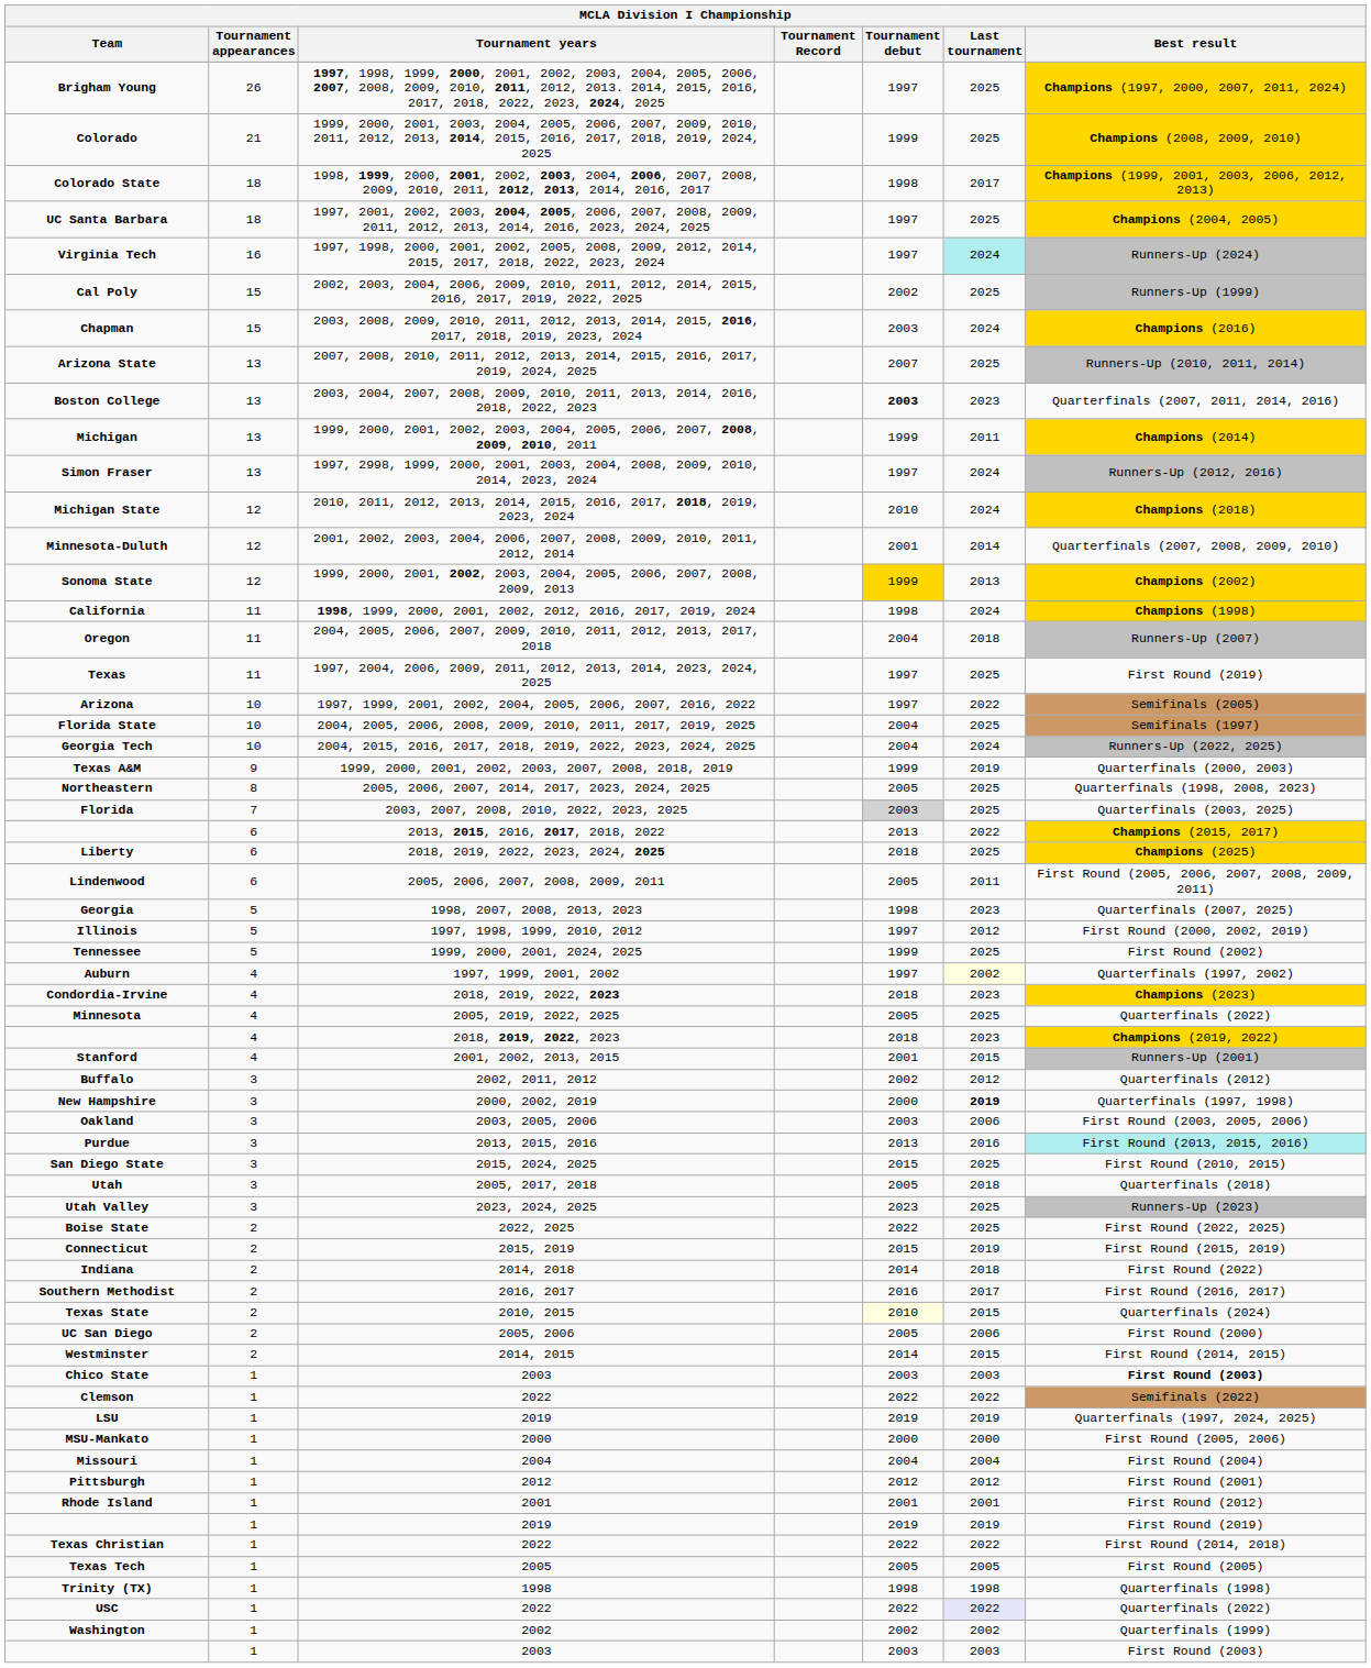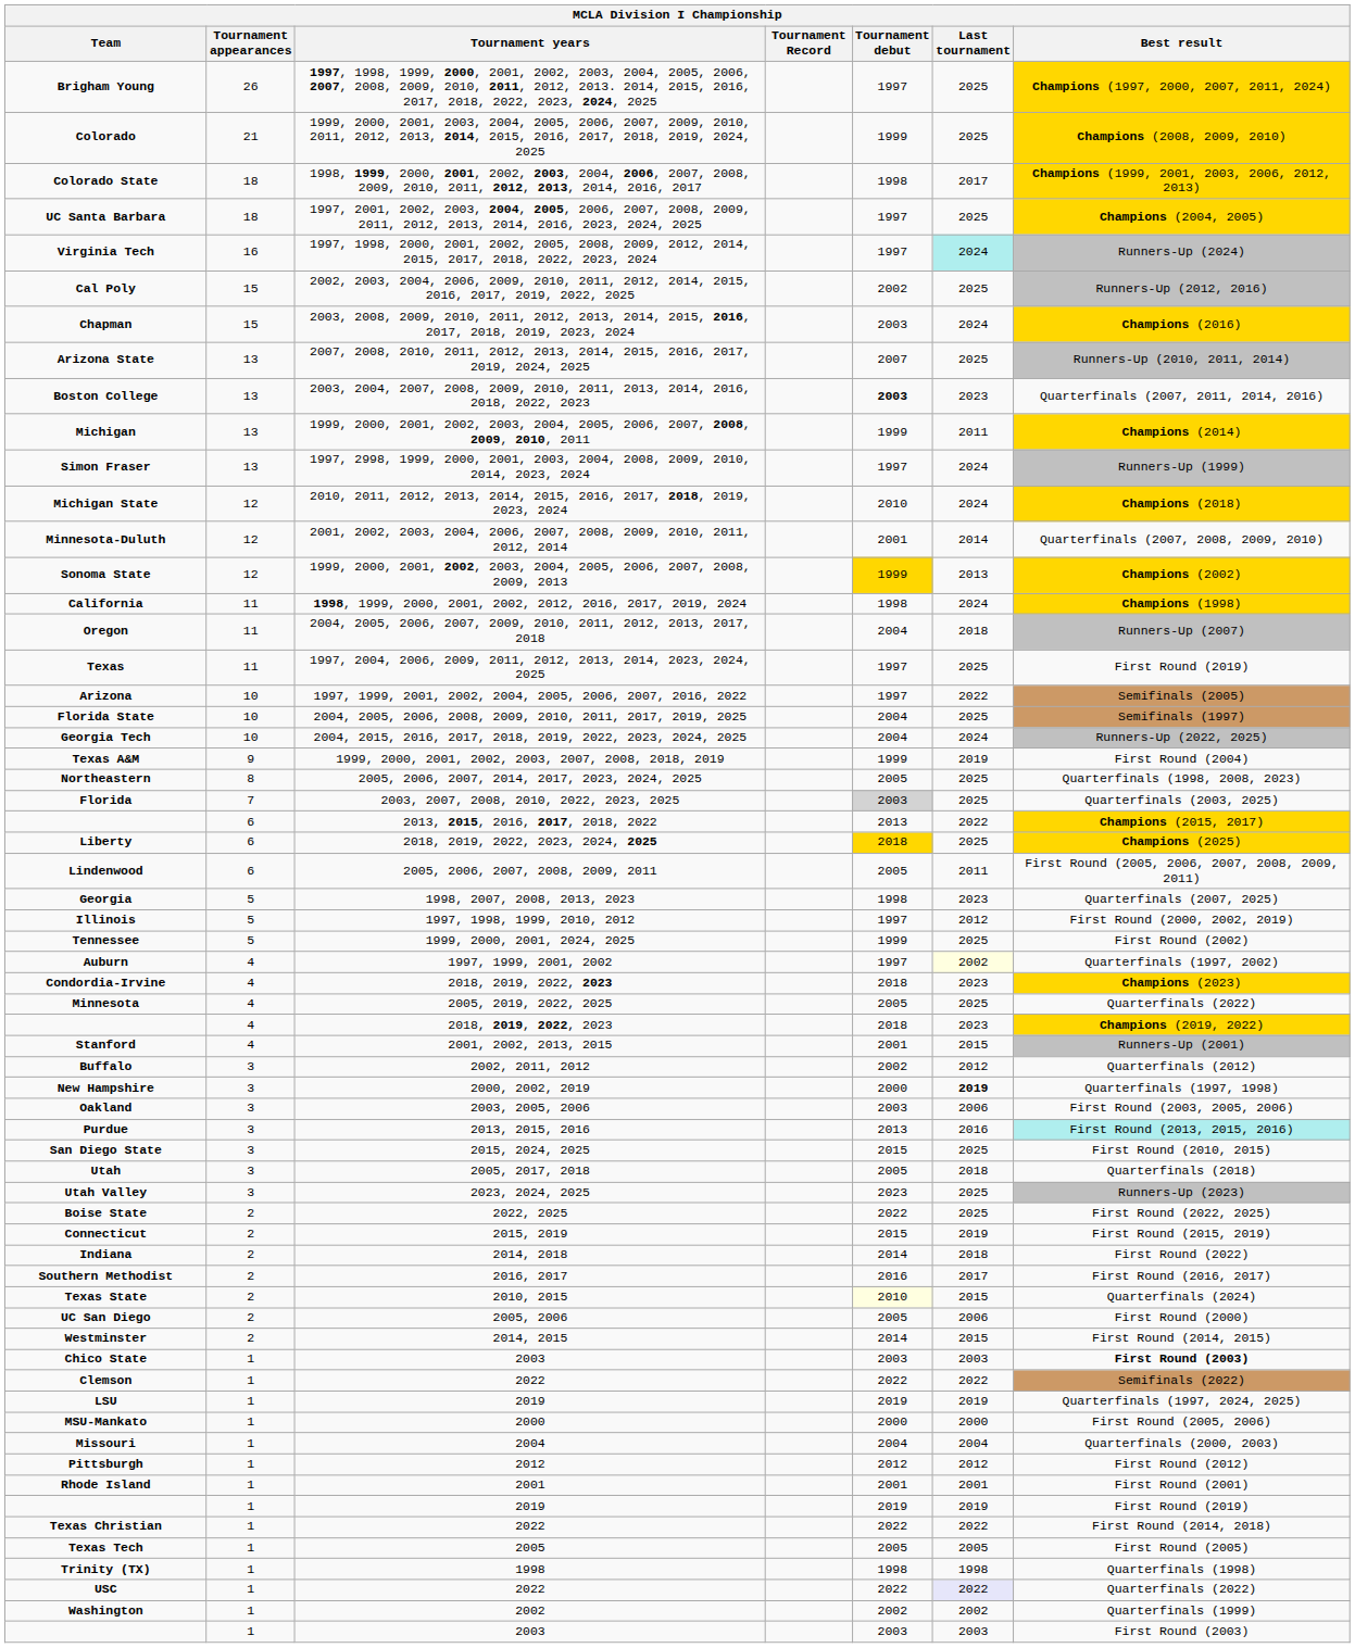 <table class="wikitable sortable" style="font-size:90%; width: 100%; text-align: center;">
 <tr>
 <th colspan="8">MCLA Division I Championship</th>
 </tr>
 <tr>
 <th width="15%">Team</th>
 <th width="5%">Tournament appearances</th>
 <th width="35%">Tournament years</th>
 <th>Tournament Record</th>
 <th width="5%">Tournament debut</th>
 <th width="5%">Last tournament</th>
 <th width="25%">Best result</th>
 </tr>
 <tr>
 <td style=><strong>Brigham Young</strong></td>
 <td>26</td>
 <td><strong>1997</strong>, 1998, 1999, <strong>2000</strong>, 2001, 2002, 2003, 2004, 2005, 2006, <strong>2007</strong>, 2008, 2009, 2010, <strong>2011</strong>, 2012, 2013. 2014, 2015, 2016, 2017, 2018, 2022, 2023, <strong>2024</strong>, 2025</td>
 <td></td>
 <td>1997</td>
 <td>2025</td>
 <td style="background:gold;"><strong>Champions</strong> (1997, 2000, 2007, 2011, 2024)</td>
 </tr>
 <tr>
 <td><strong>Colorado</strong></td>
 <td>21</td>
 <td>1999, 2000, 2001, 2003, 2004, 2005, 2006, 2007, 2009, 2010, 2011, 2012, 2013, <strong>2014</strong>, 2015, 2016, 2017, 2018, 2019, 2024, 2025</td>
 <td></td>
 <td>1999</td>
 <td>2025</td>
 <td style="background:gold;"><strong>Champions</strong> (2008, 2009, 2010)</td>
 </tr>
 <tr>
 <td style=><strong>Colorado State</strong></td>
 <td>18</td>
 <td>1998, <strong>1999</strong>, 2000, <strong>2001</strong>, 2002, <strong>2003</strong>, 2004, <strong>2006</strong>, 2007, 2008, 2009, 2010, 2011, <strong>2012</strong>, <strong>2013</strong>, 2014, 2016, 2017</td>
 <td></td>
 <td>1998</td>
 <td>2017</td>
 <td style="background:gold;"><strong>Champions</strong> (1999, 2001, 2003, 2006, 2012, 2013)</td>
 </tr>
 <tr>
 <td><strong>UC Santa Barbara</strong></td>
 <td>18</td>
 <td>1997, 2001, 2002, 2003, <strong>2004</strong>, <strong>2005</strong>, 2006, 2007, 2008, 2009, 2011, 2012, 2013, 2014, 2016, 2023, 2024, 2025</td>
 <td></td>
 <td>1997</td>
 <td>2025</td>
 <td style="background:gold;"><strong>Champions</strong> (2004, 2005)</td>
 </tr>
 <tr>
 <td><strong>Virginia Tech</strong></td>
 <td>16</td>
 <td>1997, 1998, 2000, 2001, 2002, 2005, 2008, 2009, 2012, 2014, 2015, 2017, 2018, 2022, 2023, 2024</td>
 <td></td>
 <td>1997</td>
 <td style="background: paleturquoise;">2024</td>
 <td style="background:silver;">Runners-Up (2024)</td>
 </tr>
 <tr>
 <td style=><strong>Cal Poly</strong></td>
 <td>15</td>
 <td>2002, 2003, 2004, 2006, 2009, 2010, 2011, 2012, 2014, 2015, 2016, 2017, 2019, 2022, 2025</td>
 <td></td>
 <td>2002</td>
 <td>2025</td>
-<td style="background:silver;">Runners-Up (1999)</td>
+<td style="background:silver;">Runners-Up (2012, 2016)</td>
 </tr>
 <tr>
 <td><strong>Chapman</strong></td>
 <td>15</td>
 <td>2003, 2008, 2009, 2010, 2011, 2012, 2013, 2014, 2015, <strong>2016</strong>, 2017, 2018, 2019, 2023, 2024</td>
 <td></td>
 <td>2003</td>
 <td>2024</td>
 <td style="background:gold;"><strong>Champions</strong> (2016)</td>
 </tr>
 <tr>
 <td><strong>Arizona State</strong></td>
 <td>13</td>
 <td>2007, 2008, 2010, 2011, 2012, 2013, 2014, 2015, 2016, 2017, 2019, 2024, 2025</td>
 <td></td>
 <td>2007</td>
 <td>2025</td>
 <td style="background:silver;">Runners-Up (2010, 2011, 2014)</td>
 </tr>
 <tr>
 <td style=><strong>Boston College</strong></td>
 <td>13</td>
 <td>2003, 2004, 2007, 2008, 2009, 2010, 2011, 2013, 2014, 2016, 2018, 2022, 2023</td>
 <td></td>
 <td><strong>2003</strong></td>
 <td>2023</td>
 <td>Quarterfinals (2007, 2011, 2014, 2016)</td>
 </tr>
 <tr>
 <td style=><strong>Michigan</strong></td>
 <td>13</td>
 <td>1999, 2000, 2001, 2002, 2003, 2004, 2005, 2006, 2007, <strong>2008</strong>, <strong>2009</strong>, <strong>2010</strong>, 2011</td>
 <td></td>
 <td>1999</td>
 <td>2011</td>
 <td style="background:gold;"><strong>Champions</strong> (2014)</td>
 </tr>
 <tr>
 <td><strong>Simon Fraser</strong></td>
 <td>13</td>
 <td>1997, 2998, 1999, 2000, 2001, 2003, 2004, 2008, 2009, 2010, 2014, 2023, 2024</td>
 <td></td>
 <td>1997</td>
 <td>2024</td>
-<td style="background:silver;">Runners-Up (2012, 2016)</td>
+<td style="background:silver;">Runners-Up (1999)</td>
 </tr>
 <tr>
 <td><strong>Michigan State</strong></td>
 <td>12</td>
 <td>2010, 2011, 2012, 2013, 2014, 2015, 2016, 2017, <strong>2018</strong>, 2019, 2023, 2024</td>
 <td></td>
 <td>2010</td>
 <td>2024</td>
 <td style="background:gold;"><strong>Champions</strong> (2018)</td>
 </tr>
 <tr>
 <td style=><strong>Minnesota-Duluth</strong></td>
 <td>12</td>
 <td>2001, 2002, 2003, 2004, 2006, 2007, 2008, 2009, 2010, 2011, 2012, 2014</td>
 <td></td>
 <td>2001</td>
 <td>2014</td>
 <td>Quarterfinals (2007, 2008, 2009, 2010)</td>
 </tr>
 <tr>
 <td style=><strong>Sonoma State</strong></td>
 <td>12</td>
 <td>1999, 2000, 2001, <strong>2002</strong>, 2003, 2004, 2005, 2006, 2007, 2008, 2009, 2013</td>
 <td></td>
 <td style="background: gold;">1999</td>
 <td>2013</td>
 <td style="background:gold;"><strong>Champions</strong> (2002)</td>
 </tr>
 <tr>
 <td><strong>California</strong></td>
 <td>11</td>
 <td><strong>1998</strong>, 1999, 2000, 2001, 2002, 2012, 2016, 2017, 2019, 2024</td>
 <td></td>
 <td>1998</td>
 <td>2024</td>
 <td style="background:gold;"><strong>Champions</strong> (1998)</td>
 </tr>
 <tr>
 <td style=><strong>Oregon</strong></td>
 <td>11</td>
 <td>2004, 2005, 2006, 2007, 2009, 2010, 2011, 2012, 2013, 2017, 2018</td>
 <td></td>
 <td>2004</td>
 <td>2018</td>
 <td style="background:silver;">Runners-Up (2007)</td>
 </tr>
 <tr>
 <td><strong>Texas</strong></td>
 <td>11</td>
 <td>1997, 2004, 2006, 2009, 2011, 2012, 2013, 2014, 2023, 2024, 2025</td>
 <td></td>
 <td>1997</td>
 <td>2025</td>
 <td>First Round (2019)</td>
 </tr>
 <tr>
 <td style=><strong>Arizona</strong></td>
 <td>10</td>
 <td>1997, 1999, 2001, 2002, 2004, 2005, 2006, 2007, 2016, 2022</td>
 <td></td>
 <td>1997</td>
 <td>2022</td>
 <td style="background:#c96;">Semifinals (2005)</td>
 </tr>
 <tr>
 <td style=><strong>Florida State</strong></td>
 <td>10</td>
 <td>2004, 2005, 2006, 2008, 2009, 2010, 2011, 2017, 2019, 2025</td>
 <td></td>
 <td>2004</td>
 <td>2025</td>
 <td style="background:#c96;">Semifinals (1997)</td>
 </tr>
 <tr>
 <td><strong>Georgia Tech</strong></td>
 <td>10</td>
 <td>2004, 2015, 2016, 2017, 2018, 2019, 2022, 2023, 2024, 2025</td>
 <td></td>
 <td>2004</td>
 <td>2024</td>
 <td style="background:silver;">Runners-Up (2022, 2025)</td>
 </tr>
 <tr>
 <td style=><strong>Texas A&M</strong></td>
 <td>9</td>
 <td>1999, 2000, 2001, 2002, 2003, 2007, 2008, 2018, 2019</td>
 <td></td>
 <td>1999</td>
 <td>2019</td>
-<td>Quarterfinals (2000, 2003)</td>
+<td>First Round (2004)</td>
 </tr>
 <tr>
 <td><strong>Northeastern</strong></td>
 <td>8</td>
 <td>2005, 2006, 2007, 2014, 2017, 2023, 2024, 2025</td>
 <td></td>
 <td>2005</td>
 <td>2025</td>
 <td>Quarterfinals (1998, 2008, 2023)</td>
 </tr>
 <tr>
 <td style=><strong>Florida</strong></td>
 <td>7</td>
 <td>2003, 2007, 2008, 2010, 2022, 2023, 2025</td>
 <td></td>
 <td style="background: lightgrey;">2003</td>
 <td>2025</td>
 <td>Quarterfinals (2003, 2025)</td>
 </tr>
 <tr>
 <td style=><strong></strong></td>
 <td>6</td>
 <td>2013, <strong>2015</strong>, 2016, <strong>2017</strong>, 2018, 2022</td>
 <td></td>
 <td>2013</td>
 <td>2022</td>
 <td style="background:gold;"><strong>Champions</strong> (2015, 2017)</td>
 </tr>
 <tr>
 <td><strong>Liberty</strong></td>
 <td>6</td>
 <td>2018, 2019, 2022, 2023, 2024, <strong>2025</strong></td>
 <td></td>
-<td>2018</td>
+<td style="background: gold;">2018</td>
 <td>2025</td>
 <td style="background:gold;"><strong>Champions</strong> (2025)</td>
 </tr>
 <tr>
 <td style=><strong>Lindenwood</strong></td>
 <td>6</td>
 <td>2005, 2006, 2007, 2008, 2009, 2011</td>
 <td></td>
 <td>2005</td>
 <td>2011</td>
 <td>First Round (2005, 2006, 2007, 2008, 2009, 2011)</td>
 </tr>
 <tr>
 <td style=><strong>Georgia</strong></td>
 <td>5</td>
 <td>1998, 2007, 2008, 2013, 2023</td>
 <td></td>
 <td>1998</td>
 <td>2023</td>
 <td>Quarterfinals (2007, 2025)</td>
 </tr>
 <tr>
 <td style=><strong>Illinois</strong></td>
 <td>5</td>
 <td>1997, 1998, 1999, 2010, 2012</td>
 <td></td>
 <td>1997</td>
 <td>2012</td>
 <td>First Round (2000, 2002, 2019)</td>
 </tr>
 <tr>
 <td><strong>Tennessee</strong></td>
 <td>5</td>
 <td>1999, 2000, 2001, 2024, 2025</td>
 <td></td>
 <td>1999</td>
 <td>2025</td>
 <td>First Round (2002)</td>
 </tr>
 <tr>
 <td style=><strong>Auburn</strong></td>
 <td>4</td>
 <td>1997, 1999, 2001, 2002</td>
 <td></td>
 <td>1997</td>
 <td style="background: lightyellow;">2002</td>
 <td>Quarterfinals (1997, 2002)</td>
 </tr>
 <tr>
 <td style=><strong>Condordia-Irvine</strong></td>
 <td>4</td>
 <td>2018, 2019, 2022, <strong>2023</strong></td>
 <td></td>
 <td>2018</td>
 <td>2023</td>
 <td style="background:gold;"><strong>Champions</strong> (2023)</td>
 </tr>
 <tr>
 <td style=><strong>Minnesota</strong></td>
 <td>4</td>
 <td>2005, 2019, 2022, 2025</td>
 <td></td>
 <td>2005</td>
 <td>2025</td>
 <td>Quarterfinals (2022)</td>
 </tr>
 <tr>
 <td style=><strong></strong></td>
 <td>4</td>
 <td>2018, <strong>2019</strong>, <strong>2022</strong>, 2023</td>
 <td></td>
 <td>2018</td>
 <td>2023</td>
 <td style="background:gold;"><strong>Champions</strong> (2019, 2022)</td>
 </tr>
 <tr>
 <td style=><strong>Stanford</strong></td>
 <td>4</td>
 <td>2001, 2002, 2013, 2015</td>
 <td></td>
 <td>2001</td>
 <td>2015</td>
 <td style="background:silver;">Runners-Up (2001)</td>
 </tr>
 <tr>
 <td style=><strong>Buffalo</strong></td>
 <td>3</td>
 <td>2002, 2011, 2012</td>
 <td></td>
 <td>2002</td>
 <td>2012</td>
 <td>Quarterfinals (2012)</td>
 </tr>
 <tr>
 <td style=><strong>New Hampshire</strong></td>
 <td>3</td>
 <td>2000, 2002, 2019</td>
 <td></td>
 <td>2000</td>
 <td><strong>2019</strong></td>
 <td>Quarterfinals (1997, 1998)</td>
 </tr>
 <tr>
 <td style=><strong>Oakland</strong></td>
 <td>3</td>
 <td>2003, 2005, 2006</td>
 <td></td>
 <td>2003</td>
 <td>2006</td>
 <td>First Round (2003, 2005, 2006)</td>
 </tr>
 <tr>
 <td style=><strong>Purdue</strong></td>
 <td>3</td>
 <td>2013, 2015, 2016</td>
 <td></td>
 <td>2013</td>
 <td>2016</td>
 <td style="background: paleturquoise;">First Round (2013, 2015, 2016)</td>
 </tr>
 <tr>
 <td><strong>San Diego State</strong></td>
 <td>3</td>
 <td>2015, 2024, 2025</td>
 <td></td>
 <td>2015</td>
 <td>2025</td>
 <td>First Round (2010, 2015)</td>
 </tr>
 <tr>
 <td style=><strong>Utah</strong></td>
 <td>3</td>
 <td>2005, 2017, 2018</td>
 <td></td>
 <td>2005</td>
 <td>2018</td>
 <td>Quarterfinals (2018)</td>
 </tr>
 <tr>
 <td><strong>Utah Valley</strong></td>
 <td>3</td>
 <td>2023, 2024, 2025</td>
 <td></td>
 <td>2023</td>
 <td>2025</td>
 <td style="background:silver;">Runners-Up (2023)</td>
 </tr>
 <tr>
 <td style=><strong>Boise State</strong></td>
 <td>2</td>
 <td>2022, 2025</td>
 <td></td>
 <td>2022</td>
 <td>2025</td>
 <td>First Round (2022, 2025)</td>
 </tr>
 <tr>
 <td style=><strong>Connecticut</strong></td>
 <td>2</td>
 <td>2015, 2019</td>
 <td></td>
 <td>2015</td>
 <td>2019</td>
 <td>First Round (2015, 2019)</td>
 </tr>
 <tr>
 <td style=><strong>Indiana</strong></td>
 <td>2</td>
 <td>2014, 2018</td>
 <td></td>
 <td>2014</td>
 <td>2018</td>
 <td>First Round (2022)</td>
 </tr>
 <tr>
 <td style=><strong>Southern Methodist</strong></td>
 <td>2</td>
 <td>2016, 2017</td>
 <td></td>
 <td>2016</td>
 <td>2017</td>
 <td>First Round (2016, 2017)</td>
 </tr>
 <tr>
 <td style=><strong>Texas State</strong></td>
 <td>2</td>
 <td>2010, 2015</td>
 <td></td>
 <td style="background: lightyellow;">2010</td>
 <td>2015</td>
 <td>Quarterfinals (2024)</td>
 </tr>
 <tr>
 <td style=><strong>UC San Diego</strong></td>
 <td>2</td>
 <td>2005, 2006</td>
 <td></td>
 <td>2005</td>
 <td>2006</td>
 <td>First Round (2000)</td>
 </tr>
 <tr>
 <td style=><strong>Westminster</strong></td>
 <td>2</td>
 <td>2014, 2015</td>
 <td></td>
 <td>2014</td>
 <td>2015</td>
 <td>First Round (2014, 2015)</td>
 </tr>
 <tr>
 <td style=><strong>Chico State</strong></td>
 <td>1</td>
 <td>2003</td>
 <td></td>
 <td>2003</td>
 <td>2003</td>
 <td><strong>First Round (2003)</strong></td>
 </tr>
 <tr>
 <td style=><strong>Clemson</strong></td>
 <td>1</td>
 <td>2022</td>
 <td></td>
 <td>2022</td>
 <td>2022</td>
 <td style="background:#c96;">Semifinals (2022)</td>
 </tr>
 <tr>
 <td style=><strong>LSU</strong></td>
 <td>1</td>
 <td>2019</td>
 <td></td>
 <td>2019</td>
 <td>2019</td>
 <td>Quarterfinals (1997, 2024, 2025)</td>
 </tr>
 <tr>
 <td style=><strong>MSU-Mankato</strong></td>
 <td>1</td>
 <td>2000</td>
 <td></td>
 <td>2000</td>
 <td>2000</td>
 <td>First Round (2005, 2006)</td>
 </tr>
 <tr>
 <td style=><strong>Missouri</strong></td>
 <td>1</td>
 <td>2004</td>
 <td></td>
 <td>2004</td>
 <td>2004</td>
-<td>First Round (2004)</td>
+<td>Quarterfinals (2000, 2003)</td>
 </tr>
 <tr>
 <td style=><strong>Pittsburgh</strong></td>
 <td>1</td>
 <td>2012</td>
 <td></td>
 <td>2012</td>
 <td>2012</td>
-<td>First Round (2001)</td>
+<td>First Round (2012)</td>
 </tr>
 <tr>
 <td style=><strong>Rhode Island</strong></td>
 <td>1</td>
 <td>2001</td>
 <td></td>
 <td>2001</td>
 <td>2001</td>
-<td>First Round (2012)</td>
+<td>First Round (2001)</td>
 </tr>
 <tr>
 <td style=><strong></strong></td>
 <td>1</td>
 <td>2019</td>
 <td></td>
 <td>2019</td>
 <td>2019</td>
 <td>First Round (2019)</td>
 </tr>
 <tr>
 <td style=><strong>Texas Christian</strong></td>
 <td>1</td>
 <td>2022</td>
 <td></td>
 <td>2022</td>
 <td>2022</td>
 <td>First Round (2014, 2018)</td>
 </tr>
 <tr>
 <td style=><strong>Texas Tech</strong></td>
 <td>1</td>
 <td>2005</td>
 <td></td>
 <td>2005</td>
 <td>2005</td>
 <td>First Round (2005)</td>
 </tr>
 <tr>
 <td style=><strong>Trinity (TX)</strong></td>
 <td>1</td>
 <td>1998</td>
 <td></td>
 <td>1998</td>
 <td>1998</td>
 <td>Quarterfinals (1998)</td>
 </tr>
 <tr>
 <td style=><strong>USC</strong></td>
 <td>1</td>
 <td>2022</td>
 <td></td>
 <td>2022</td>
 <td style="background: lavender;">2022</td>
 <td>Quarterfinals (2022)</td>
 </tr>
 <tr>
 <td style=><strong>Washington</strong></td>
 <td>1</td>
 <td>2002</td>
 <td></td>
 <td>2002</td>
 <td>2002</td>
 <td>Quarterfinals (1999)</td>
 </tr>
 <tr>
 <td style=><strong></strong></td>
 <td>1</td>
 <td>2003</td>
 <td></td>
 <td>2003</td>
 <td>2003</td>
 <td>First Round (2003)</td>
 </tr>
 </table>
